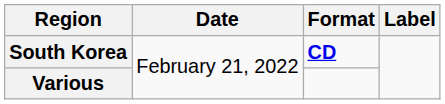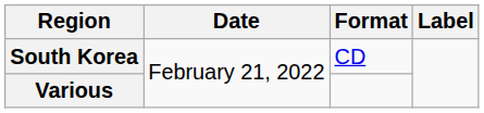 <table class="wikitable plainrowheaders">
 <tr>
 <th scope="col">Region</th>
 <th scope="col">Date</th>
 <th scope="col">Format</th>
 <th scope="col">Label</th>
 </tr>
 <tr>
 <th scope="row">South Korea</th>
 <td rowspan="2">February 21, 2022</td>
-<td><strong><a href='#'>CD</a></strong></td>
+<td><a href='#'>CD</a></td>
 <td rowspan="2"></td>
 </tr>
 <tr>
 <th scope="row">Various </th>
 <td></td>
 </tr>
 </table>
